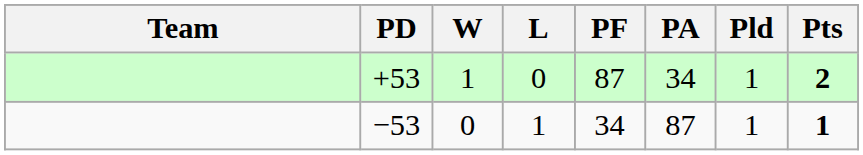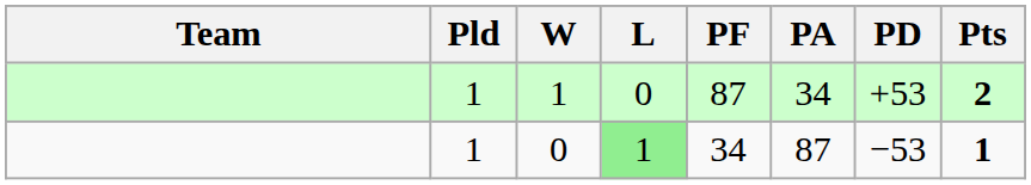 <table class=wikitable style="text-align:center">
 <tr>
 <th width=180>Team</th>
-<th width=30>PD</th>
+<th width=30>Pld</th>
 <th width=30>W</th>
 <th width=30>L</th>
 <th width=30>PF</th>
 <th width=30>PA</th>
-<th width=30>Pld</th>
+<th width=30>PD</th>
 <th width=30>Pts</th>
 </tr>
 <tr bgcolor="#ccffcc">
 <td align="left"></td>
-<td>+53</td>
+<td>1</td>
 <td>1</td>
 <td>0</td>
 <td>87</td>
 <td>34</td>
-<td>1</td>
+<td>+53</td>
 <td><strong>2</strong></td>
 </tr>
 <tr>
 <td align="left"></td>
-<td>−53</td>
+<td>1</td>
 <td>0</td>
-<td>1</td>
+<td style="background: lightgreen;">1</td>
 <td>34</td>
 <td>87</td>
-<td>1</td>
+<td>−53</td>
 <td><strong>1</strong></td>
 </tr>
 </table>
